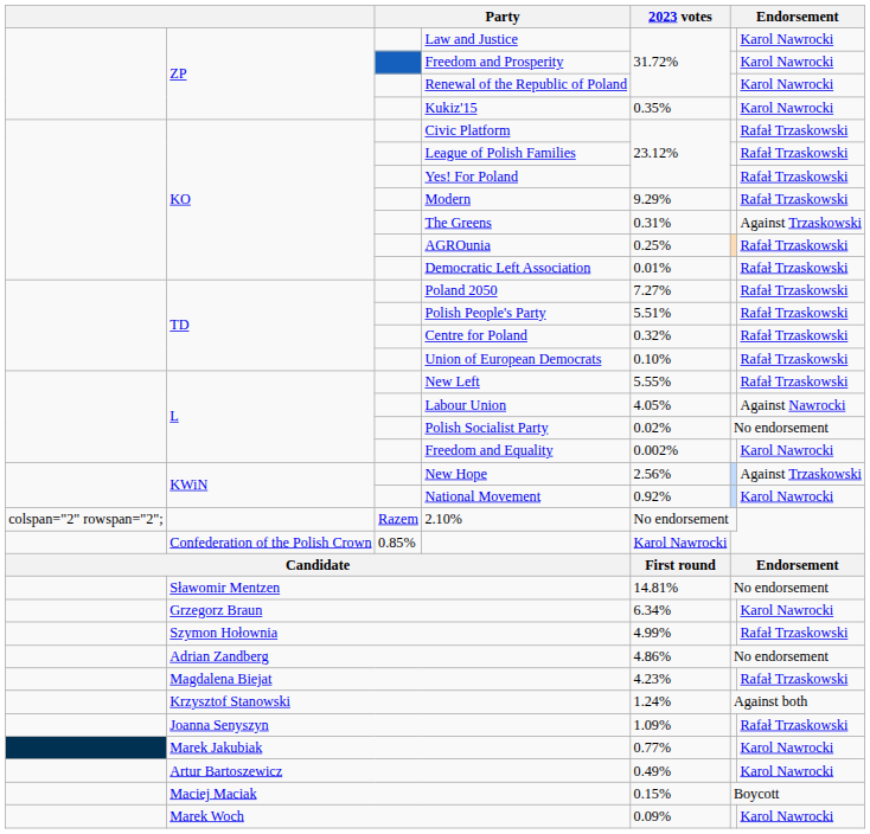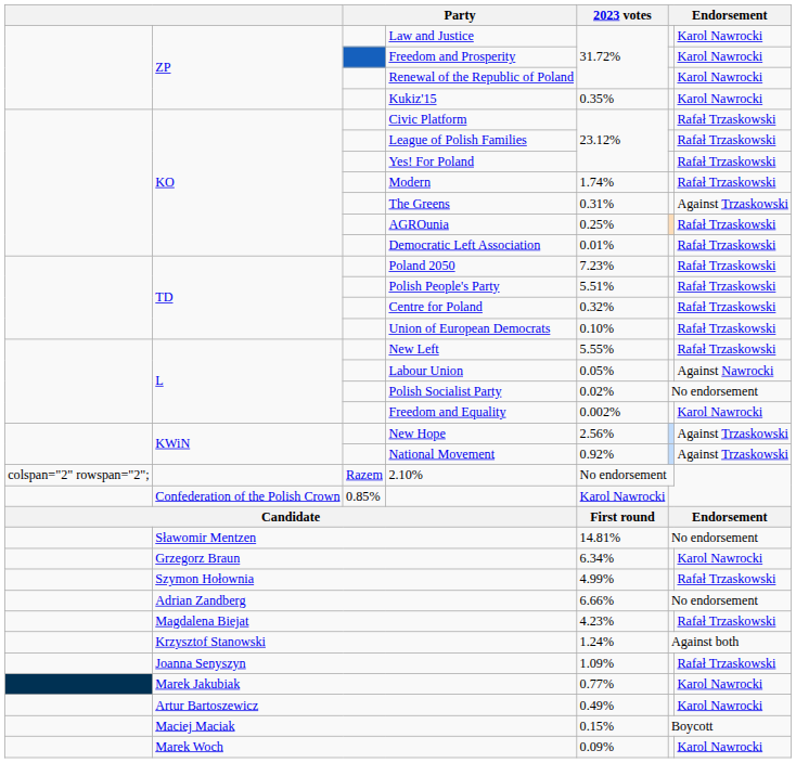 <table class="wikitable">
 <tr>
 <th colspan="2"></th>
 <th colspan="2">Party</th>
 <th><a href='#'>2023</a> votes</th>
 <th colspan="2">Endorsement</th>
 </tr>
 <tr>
 <td rowspan="4" style="background-color: "></td>
 <td rowspan="4"><a href='#'>ZP</a></td>
 <td style="background-color: "></td>
 <td><a href='#'>Law and Justice</a></td>
 <td rowspan="3">31.72%</td>
 <td style="background-color: "></td>
 <td><a href='#'>Karol Nawrocki</a></td>
 </tr>
 <tr>
 <td style="background-color: #1560BD;"></td>
 <td><a href='#'>Freedom and Prosperity</a></td>
 <td style="background-color: "></td>
 <td><a href='#'>Karol Nawrocki</a></td>
 </tr>
 <tr>
 <td style="background-color: "></td>
 <td><a href='#'>Renewal of the Republic of Poland</a></td>
 <td style="background-color: "></td>
 <td><a href='#'>Karol Nawrocki</a></td>
 </tr>
 <tr>
 <td style="background-color: "></td>
 <td><a href='#'>Kukiz'15</a></td>
 <td>0.35%</td>
 <td style="background-color: "></td>
 <td><a href='#'>Karol Nawrocki</a></td>
 </tr>
 <tr>
 <td rowspan="7" style="background-color: "></td>
 <td rowspan="7"><a href='#'>KO</a></td>
 <td style="background-color: "></td>
 <td><a href='#'>Civic Platform</a></td>
 <td rowspan="3">23.12%</td>
 <td style="background-color: "></td>
 <td><a href='#'>Rafał Trzaskowski</a></td>
 </tr>
 <tr>
 <td style="background-color: "></td>
 <td><a href='#'>League of Polish Families</a></td>
 <td style="background-color: "></td>
 <td><a href='#'>Rafał Trzaskowski</a></td>
 </tr>
 <tr>
 <td style="background-color: "></td>
 <td><a href='#'>Yes! For Poland</a></td>
 <td style="background-color: "></td>
 <td><a href='#'>Rafał Trzaskowski</a></td>
 </tr>
 <tr>
 <td style="background-color: "></td>
 <td><a href='#'>Modern</a></td>
-<td>9.29%</td>
+<td>1.74%</td>
 <td style="background-color: "></td>
 <td><a href='#'>Rafał Trzaskowski</a></td>
 </tr>
 <tr>
 <td style="background-color: "></td>
 <td><a href='#'>The Greens</a></td>
 <td>0.31%</td>
 <td style="background-color: "></td>
 <td>Against <a href='#'>Trzaskowski</a></td>
 </tr>
 <tr>
 <td style="background-color: "></td>
 <td><a href='#'>AGROunia</a></td>
 <td>0.25%</td>
 <td style="background-color: #FDDCB8;"></td>
 <td><a href='#'>Rafał Trzaskowski</a></td>
 </tr>
 <tr>
 <td style="background-color: "></td>
 <td><a href='#'>Democratic Left Association</a></td>
 <td>0.01%</td>
 <td style="background-color: "></td>
 <td><a href='#'>Rafał Trzaskowski</a></td>
 </tr>
 <tr>
 <td rowspan="4" style="background-color: "></td>
 <td rowspan="4"><a href='#'>TD</a></td>
 <td style="background-color: "></td>
 <td><a href='#'>Poland 2050</a></td>
-<td>7.27%</td>
+<td>7.23%</td>
 <td style="background-color: "></td>
 <td><a href='#'>Rafał Trzaskowski</a></td>
 </tr>
 <tr>
 <td style="background-color: "></td>
 <td><a href='#'>Polish People's Party</a></td>
 <td>5.51%</td>
 <td style="background-color: "></td>
 <td><a href='#'>Rafał Trzaskowski</a></td>
 </tr>
 <tr>
 <td style="background-color: "></td>
 <td><a href='#'>Centre for Poland</a></td>
 <td>0.32%</td>
 <td style="background-color: "></td>
 <td><a href='#'>Rafał Trzaskowski</a></td>
 </tr>
 <tr>
 <td style="background-color: "></td>
 <td><a href='#'>Union of European Democrats</a></td>
 <td>0.10%</td>
 <td style="background-color: "></td>
 <td><a href='#'>Rafał Trzaskowski</a></td>
 </tr>
 <tr>
 <td rowspan="4" style="background-color: "></td>
 <td rowspan="4"><a href='#'>L</a></td>
 <td style="background-color: "></td>
 <td><a href='#'>New Left</a></td>
 <td>5.55%</td>
 <td style="background-color: "></td>
 <td><a href='#'>Rafał Trzaskowski</a></td>
 </tr>
 <tr>
 <td style="background-color: "></td>
 <td><a href='#'>Labour Union</a></td>
-<td>4.05%</td>
+<td>0.05%</td>
 <td style="background-color: "></td>
 <td>Against <a href='#'>Nawrocki</a></td>
 </tr>
 <tr>
 <td style="background-color: "></td>
 <td><a href='#'>Polish Socialist Party</a></td>
 <td>0.02%</td>
 <td colspan="2">No endorsement</td>
 </tr>
 <tr>
 <td style="background-color: "></td>
 <td><a href='#'>Freedom and Equality</a></td>
 <td>0.002%</td>
 <td style="background-color: "></td>
 <td><a href='#'>Karol Nawrocki</a></td>
 </tr>
 <tr>
 <td rowspan="2" style="background-color: "></td>
 <td rowspan="2"><a href='#'>KWiN</a></td>
 <td style="background-color: "></td>
 <td><a href='#'>New Hope</a></td>
 <td>2.56%</td>
 <td style="background-color: #C0DBFC;"></td>
 <td>Against <a href='#'>Trzaskowski</a></td>
 </tr>
 <tr>
 <td style="background-color: "></td>
 <td><a href='#'>National Movement</a></td>
 <td>0.92%</td>
 <td style="background-color: #C0DBFC;"></td>
-<td><a href='#'>Karol Nawrocki</a></td>
+<td>Against <a href='#'>Trzaskowski</a> </td>
 </tr>
 <tr>
 <td>colspan="2" rowspan="2"; </td>
 <td style="background-color: "></td>
 <td colspan="";><a href='#'>Razem</a></td>
 <td>2.10%</td>
 <td colspan="2">No endorsement </td>
 </tr>
 <tr>
 <td style="background-color: "></td>
 <td><a href='#'>Confederation of the Polish Crown</a></td>
 <td>0.85%</td>
 <td style="background-color: "></td>
 <td><a href='#'>Karol Nawrocki</a></td>
 </tr>
 <tr>
 <th colspan="4">Candidate</th>
 <th>First round</th>
 <th colspan="2">Endorsement</th>
 </tr>
 <tr>
 <td style="background-color: "></td>
 <td colspan="3"><a href='#'>Sławomir Mentzen</a></td>
 <td>14.81%</td>
 <td colspan="2">No endorsement</td>
 </tr>
 <tr>
 <td style="background-color: "></td>
 <td colspan="3"><a href='#'>Grzegorz Braun</a></td>
 <td>6.34%</td>
 <td style="background-color: "></td>
 <td><a href='#'>Karol Nawrocki</a></td>
 </tr>
 <tr>
 <td style="background-color: "></td>
 <td colspan="3"><a href='#'>Szymon Hołownia</a></td>
 <td>4.99%</td>
 <td style="background-color: "></td>
 <td><a href='#'>Rafał Trzaskowski</a></td>
 </tr>
 <tr>
 <td style="background-color: "></td>
 <td colspan="3"><a href='#'>Adrian Zandberg</a></td>
-<td>4.86%</td>
+<td>6.66%</td>
 <td colspan="2">No endorsement</td>
 </tr>
 <tr>
 <td style="background-color: "></td>
 <td colspan="3"><a href='#'>Magdalena Biejat</a></td>
 <td>4.23%</td>
 <td style="background-color: "></td>
 <td><a href='#'>Rafał Trzaskowski</a></td>
 </tr>
 <tr>
 <td style="background-color: "></td>
 <td colspan="3"><a href='#'>Krzysztof Stanowski</a></td>
 <td>1.24%</td>
 <td colspan="2">Against both</td>
 </tr>
 <tr>
 <td style="background-color: "></td>
 <td colspan="3"><a href='#'>Joanna Senyszyn</a></td>
 <td>1.09%</td>
 <td style="background-color: "></td>
 <td><a href='#'>Rafał Trzaskowski</a></td>
 </tr>
 <tr>
 <td style="background-color: #003153;"></td>
 <td colspan="3"><a href='#'>Marek Jakubiak</a></td>
 <td>0.77%</td>
 <td style="background-color: "></td>
 <td><a href='#'>Karol Nawrocki</a></td>
 </tr>
 <tr>
 <td style="background-color: "></td>
 <td colspan="3"><a href='#'>Artur Bartoszewicz</a></td>
 <td>0.49%</td>
 <td style="background-color: "></td>
 <td><a href='#'>Karol Nawrocki</a></td>
 </tr>
 <tr>
 <td style="background-color: "></td>
 <td colspan="3"><a href='#'>Maciej Maciak</a></td>
 <td>0.15%</td>
 <td colspan="2">Boycott</td>
 </tr>
 <tr>
 <td style="background-color: "></td>
 <td colspan="3"><a href='#'>Marek Woch</a></td>
 <td>0.09%</td>
 <td style="background-color: "></td>
 <td><a href='#'>Karol Nawrocki</a></td>
 </tr>
 </table>
